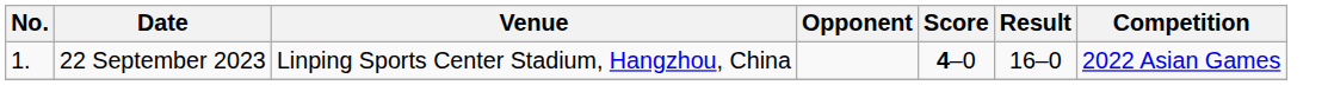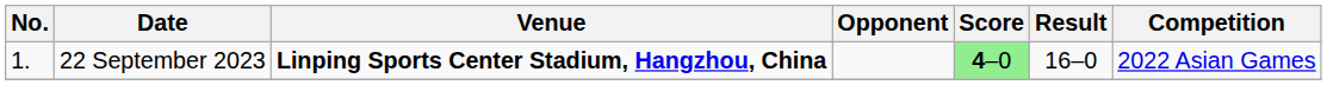 <table class="wikitable">
 <tr>
 <th>No.</th>
 <th>Date</th>
 <th>Venue</th>
 <th>Opponent</th>
 <th>Score</th>
 <th>Result</th>
 <th>Competition</th>
 </tr>
 <tr>
 <td>1.</td>
 <td>22 September 2023</td>
-<td>Linping Sports Center Stadium, <a href='#'>Hangzhou</a>, China</td>
+<td><strong>Linping Sports Center Stadium, <a href='#'>Hangzhou</a>, China</strong></td>
 <td></td>
-<td align=center><strong>4</strong>–0</td>
+<td align=center style="background: lightgreen;"><strong>4</strong>–0</td>
 <td align=center>16–0</td>
 <td><a href='#'>2022 Asian Games</a></td>
 </tr>
 <tr>
 </tr>
 </table>
